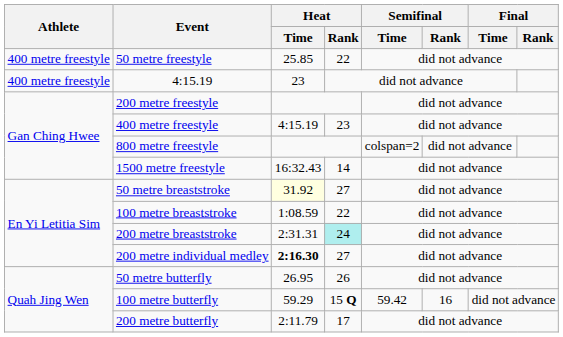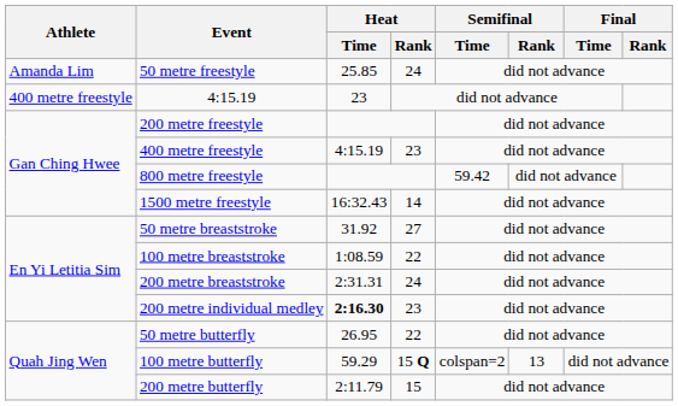 <table class="wikitable" style="font-size:90%;">
 <tr>
 <th rowspan="2">Athlete</th>
 <th rowspan="2">Event</th>
 <th colspan="2">Heat</th>
 <th colspan="2">Semifinal</th>
 <th colspan="2">Final</th>
 </tr>
 <tr>
 <th>Time</th>
 <th>Rank</th>
 <th>Time</th>
 <th>Rank</th>
 <th>Time</th>
 <th>Rank</th>
 </tr>
 <tr align="center">
-<td align="left"><a href='#'>400 metre freestyle</a></td>
+<td align="left"><a href='#'>Amanda Lim</a></td>
 <td align="left"><a href='#'>50 metre freestyle</a></td>
 <td>25.85</td>
-<td>22</td>
+<td>24</td>
 <td colspan=4>did not advance</td>
 </tr>
 <tr align="center">
 <td align="left"><a href='#'>400 metre freestyle</a></td>
 <td>4:15.19</td>
 <td>23</td>
 <td colspan=4>did not advance</td>
 </tr>
 <tr align="center">
 <td rowspan="4" align="left"><a href='#'>Gan Ching Hwee</a></td>
 <td align="left"><a href='#'>200 metre freestyle</a></td>
 <td colspan=2></td>
 <td colspan=4>did not advance</td>
 </tr>
 <tr align="center">
 <td align="left"><a href='#'>400 metre freestyle</a></td>
 <td>4:15.19</td>
 <td>23</td>
 <td colspan=4>did not advance</td>
 </tr>
 <tr align="center">
 <td align="left"><a href='#'>800 metre freestyle</a></td>
 <td colspan=2></td>
-<td>colspan=2 </td>
+<td>59.42</td>
 <td colspan=2>did not advance</td>
 </tr>
 <tr align="center">
 <td align="left"><a href='#'>1500 metre freestyle</a></td>
 <td>16:32.43</td>
 <td>14</td>
 <td colspan=4>did not advance</td>
 </tr>
 <tr align="center">
 <td rowspan="4" align="left"><a href='#'>En Yi Letitia Sim</a></td>
 <td align="left"><a href='#'>50 metre breaststroke</a></td>
-<td style="background: lightyellow;">31.92</td>
+<td>31.92</td>
 <td>27</td>
 <td colspan=4>did not advance</td>
 </tr>
 <tr align="center">
 <td align="left"><a href='#'>100 metre breaststroke</a></td>
 <td>1:08.59</td>
 <td>22</td>
 <td colspan=4>did not advance</td>
 </tr>
 <tr align="center">
 <td align="left"><a href='#'>200 metre breaststroke</a></td>
 <td>2:31.31</td>
-<td style="background: paleturquoise;">24</td>
+<td>24</td>
 <td colspan=4>did not advance</td>
 </tr>
 <tr align="center">
 <td align="left"><a href='#'>200 metre individual medley</a></td>
 <td><strong>2:16.30</strong></td>
-<td>27</td>
+<td>23</td>
 <td colspan=4>did not advance</td>
 </tr>
 <tr align="center">
 <td rowspan="3" align="left"><a href='#'>Quah Jing Wen</a></td>
 <td align="left"><a href='#'>50 metre butterfly</a></td>
 <td>26.95</td>
-<td>26</td>
+<td>22</td>
 <td colspan=4>did not advance</td>
 </tr>
 <tr align="center">
 <td align="left"><a href='#'>100 metre butterfly</a></td>
 <td>59.29</td>
 <td>15 <strong>Q</strong></td>
-<td>59.42</td>
-<td>16</td>
+<td>colspan=2 </td>
+<td>13</td>
 <td colspan=2>did not advance</td>
 </tr>
 <tr align="center">
 <td align="left"><a href='#'>200 metre butterfly</a></td>
 <td>2:11.79</td>
-<td>17</td>
+<td>15</td>
 <td colspan=4>did not advance</td>
 </tr>
 </table>
